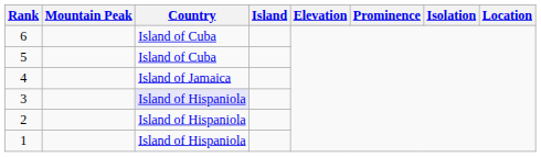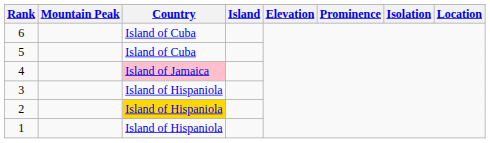 <table class="wikitable sortable">
 <tr>
 <th><a href='#'>Rank</a></th>
 <th><a href='#'>Mountain Peak</a></th>
 <th><a href='#'>Country</a></th>
 <th><a href='#'>Island</a></th>
 <th><a href='#'>Elevation</a></th>
 <th><a href='#'>Prominence</a></th>
 <th><a href='#'>Isolation</a></th>
 <th><a href='#'>Location</a></th>
 </tr>
 <tr>
 <td align=center>6<br></td>
 <td></td>
 <td><a href='#'>Island of Cuba</a><br></td>
 <td></td>
 </tr>
 <tr>
 <td align=center>5<br></td>
 <td></td>
 <td><a href='#'>Island of Cuba</a><br></td>
 <td></td>
 </tr>
 <tr>
 <td align=center>4<br></td>
 <td></td>
-<td><a href='#'>Island of Jamaica</a><br></td>
+<td style="background: pink;"><a href='#'>Island of Jamaica</a><br></td>
 <td></td>
 </tr>
 <tr>
 <td align=center>3<br></td>
 <td></td>
-<td style="background: lavender;"><a href='#'>Island of Hispaniola</a><br></td>
+<td><a href='#'>Island of Hispaniola</a><br></td>
 <td></td>
 </tr>
 <tr>
 <td align=center>2<br></td>
 <td></td>
-<td><a href='#'>Island of Hispaniola</a><br></td>
+<td style="background: gold;"><a href='#'>Island of Hispaniola</a><br></td>
 <td></td>
 </tr>
 <tr>
 <td align=center>1<br></td>
 <td></td>
 <td><a href='#'>Island of Hispaniola</a><br></td>
 <td></td>
 </tr>
 </table>
